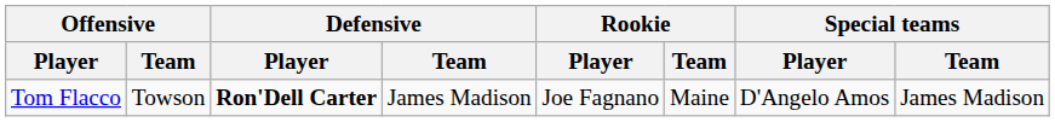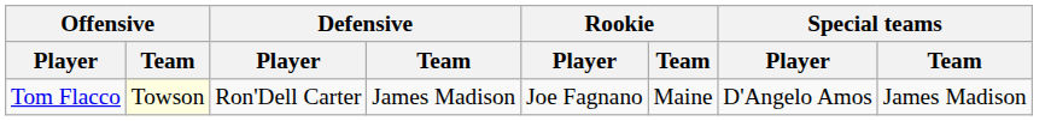 <table class="wikitable" border="1">
 <tr>
 <th colspan="2">Offensive</th>
 <th colspan="2">Defensive</th>
 <th colspan="2">Rookie</th>
 <th colspan="2">Special teams</th>
 </tr>
 <tr>
 <th>Player</th>
 <th>Team</th>
 <th>Player</th>
 <th>Team</th>
 <th>Player</th>
 <th>Team</th>
 <th>Player</th>
 <th>Team</th>
 </tr>
 <tr>
 <td><a href='#'>Tom Flacco</a></td>
-<td>Towson</td>
-<td><strong>Ron'Dell Carter</strong></td>
+<td style="background: lightyellow;">Towson</td>
+<td>Ron'Dell Carter</td>
 <td>James Madison</td>
 <td>Joe Fagnano</td>
 <td>Maine</td>
 <td>D'Angelo Amos</td>
 <td>James Madison</td>
 </tr>
 </table>
